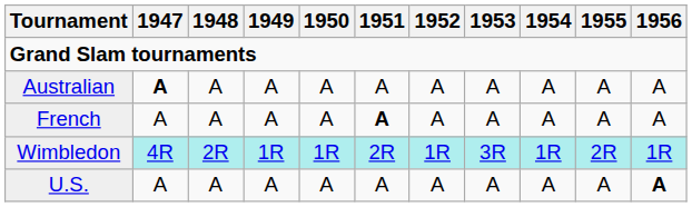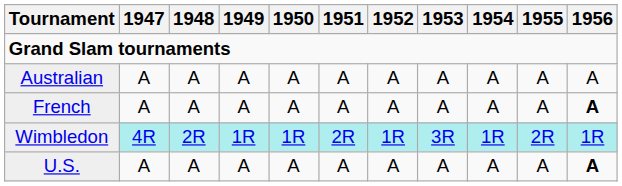 <table class="wikitable" style=text-align:center;font-size:100%>
 <tr bgcolor="#efefef">
 <th>Tournament</th>
 <th>1947</th>
 <th>1948</th>
 <th>1949</th>
 <th>1950</th>
 <th>1951</th>
 <th>1952</th>
 <th>1953</th>
 <th>1954</th>
 <th>1955</th>
 <th>1956</th>
 </tr>
 <tr>
 <td colspan="31" align=left><strong>Grand Slam tournaments</strong></td>
 </tr>
 <tr>
 <td style="background:#EFEFEF;"><a href='#'>Australian</a></td>
-<td align="center"><strong>A</strong></td>
+<td align="center">A</td>
 <td align="center">A</td>
 <td align="center">A</td>
 <td align="center">A</td>
 <td align="center">A</td>
 <td align="center">A</td>
 <td align="center">A</td>
 <td align="center">A</td>
 <td align="center">A</td>
 <td align="center">A</td>
 </tr>
 <tr>
 <td style="background:#EFEFEF;"><a href='#'>French</a></td>
 <td align="center">A</td>
 <td align="center">A</td>
 <td align="center">A</td>
 <td align="center">A</td>
-<td align="center"><strong>A</strong></td>
 <td align="center">A</td>
 <td align="center">A</td>
 <td align="center">A</td>
 <td align="center">A</td>
 <td align="center">A</td>
+<td align="center"><strong>A</strong></td>
 </tr>
 <tr>
 <td style="background:#EFEFEF;"><a href='#'>Wimbledon</a></td>
 <td align="center" style="background:#afeeee;"><a href='#'>4R</a></td>
 <td align="center" style="background:#afeeee;"><a href='#'>2R</a></td>
 <td align="center" style="background:#afeeee;"><a href='#'>1R</a></td>
 <td align="center" style="background:#afeeee;"><a href='#'>1R</a></td>
 <td align="center" style="background:#afeeee;"><a href='#'>2R</a></td>
 <td align="center" style="background:#afeeee;"><a href='#'>1R</a></td>
 <td align="center" style="background:#afeeee;"><a href='#'>3R</a></td>
 <td align="center" style="background:#afeeee;"><a href='#'>1R</a></td>
 <td align="center" style="background:#afeeee;"><a href='#'>2R</a></td>
 <td align="center" style="background:#afeeee;"><a href='#'>1R</a></td>
 </tr>
 <tr>
 <td style="background:#EFEFEF;"><a href='#'>U.S.</a></td>
 <td align="center">A</td>
 <td align="center">A</td>
 <td align="center">A</td>
 <td align="center">A</td>
 <td align="center">A</td>
 <td align="center">A</td>
 <td align="center">A</td>
 <td align="center">A</td>
 <td align="center">A</td>
 <td align="center"><strong>A</strong></td>
 </tr>
 </table>
